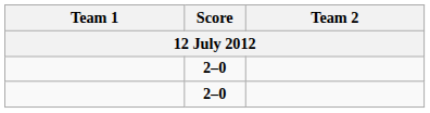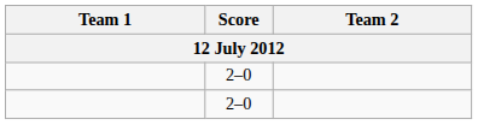 <table class="wikitable" style="text-align: center; font-size:90% ">
 <tr>
 <th align="right" width="160">Team 1</th>
 <th width="50">Score</th>
 <th align="left" width="160">Team 2</th>
 </tr>
 <tr>
 <th colspan=3>12 July 2012</th>
 </tr>
 <tr>
 <td align=right><strong></strong></td>
-<td align=center><strong>2–0</strong></td>
+<td align=center>2–0</td>
 <td align=left></td>
 </tr>
 <tr>
 <td align=right><strong></strong></td>
-<td align=center><strong>2–0</strong></td>
+<td align=center>2–0</td>
 <td align=left></td>
 </tr>
 </table>
